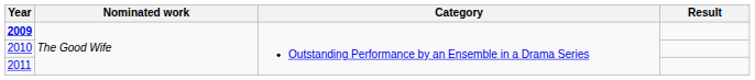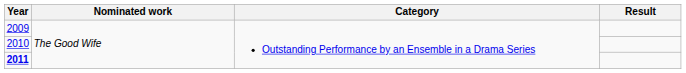 <table class=wikitable>
 <tr>
 <th width=4%>Year</th>
 <th width=30%>Nominated work</th>
 <th width=54%>Category</th>
 <th width=12%>Result</th>
 </tr>
 <tr>
-<td><strong><a href='#'>2009</a></strong></td>
+<td><a href='#'>2009</a></td>
 <td rowspan=3><em>The Good Wife</em></td>
 <td rowspan=3><br><ul><li><a href='#'>Outstanding Performance by an Ensemble in a Drama Series</a></li></ul></td>
 <td></td>
 </tr>
 <tr>
 <td><a href='#'>2010</a></td>
 <td></td>
 </tr>
 <tr>
-<td><a href='#'>2011</a></td>
+<td><strong><a href='#'>2011</a></strong></td>
 <td></td>
 </tr>
 </table>
